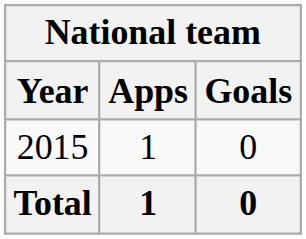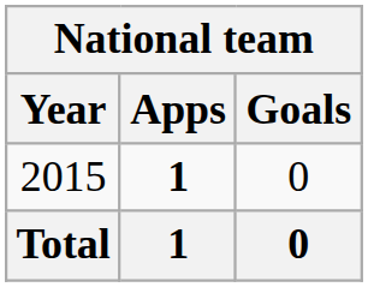 <table class="wikitable" style="text-align:center">
 <tr>
 <th colspan=3>National team</th>
 </tr>
 <tr>
 <th>Year</th>
 <th>Apps</th>
 <th>Goals</th>
 </tr>
 <tr>
 <td>2015</td>
-<td>1</td>
+<td><strong>1</strong></td>
 <td>0</td>
 </tr>
 <tr>
 <th>Total</th>
 <th>1</th>
 <th>0</th>
 </tr>
 </table>
